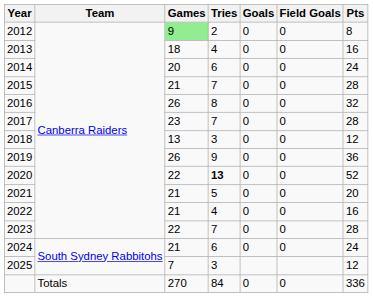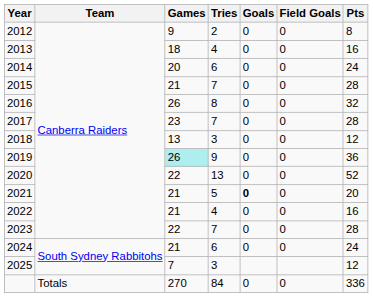 <table class="wikitable">
 <tr>
 <th>Year</th>
 <th>Team</th>
 <th>Games</th>
 <th>Tries</th>
 <th>Goals</th>
 <th>Field Goals</th>
 <th>Pts</th>
 </tr>
 <tr>
 <td>2012</td>
 <td rowspan="12"> <a href='#'>Canberra Raiders</a></td>
-<td style="background: lightgreen;">9</td>
+<td>9</td>
 <td>2</td>
 <td>0</td>
 <td>0</td>
 <td>8</td>
 </tr>
 <tr>
 <td>2013</td>
 <td>18</td>
 <td>4</td>
 <td>0</td>
 <td>0</td>
 <td>16</td>
 </tr>
 <tr>
 <td>2014</td>
 <td>20</td>
 <td>6</td>
 <td>0</td>
 <td>0</td>
 <td>24</td>
 </tr>
 <tr>
 <td>2015</td>
 <td>21</td>
 <td>7</td>
 <td>0</td>
 <td>0</td>
 <td>28</td>
 </tr>
 <tr>
 <td>2016</td>
 <td>26</td>
 <td>8</td>
 <td>0</td>
 <td>0</td>
 <td>32</td>
 </tr>
 <tr>
 <td>2017</td>
 <td>23</td>
 <td>7</td>
 <td>0</td>
 <td>0</td>
 <td>28</td>
 </tr>
 <tr>
 <td>2018</td>
 <td>13</td>
 <td>3</td>
 <td>0</td>
 <td>0</td>
 <td>12</td>
 </tr>
 <tr>
 <td>2019</td>
-<td>26</td>
+<td style="background: paleturquoise;">26</td>
 <td>9</td>
 <td>0</td>
 <td>0</td>
 <td>36</td>
 </tr>
 <tr>
 <td>2020</td>
 <td>22</td>
-<td><strong>13</strong></td>
+<td>13</td>
 <td>0</td>
 <td>0</td>
 <td>52</td>
 </tr>
 <tr>
 <td>2021</td>
 <td>21</td>
 <td>5</td>
-<td>0</td>
+<td><strong>0</strong></td>
 <td>0</td>
 <td>20</td>
 </tr>
 <tr>
 <td>2022</td>
 <td>21</td>
 <td>4</td>
 <td>0</td>
 <td>0</td>
 <td>16</td>
 </tr>
 <tr>
 <td>2023</td>
 <td>22</td>
 <td>7</td>
 <td>0</td>
 <td>0</td>
 <td>28</td>
 </tr>
 <tr>
 <td>2024</td>
 <td rowspan="2"> <a href='#'>South Sydney Rabbitohs</a></td>
 <td>21</td>
 <td>6</td>
 <td>0</td>
 <td>0</td>
 <td>24</td>
 </tr>
 <tr>
 <td>2025</td>
 <td>7</td>
 <td>3</td>
 <td></td>
 <td></td>
 <td>12</td>
 </tr>
 <tr>
 <td></td>
 <td>Totals</td>
 <td>270</td>
 <td>84</td>
 <td>0</td>
 <td>0</td>
 <td>336</td>
 </tr>
 </table>
